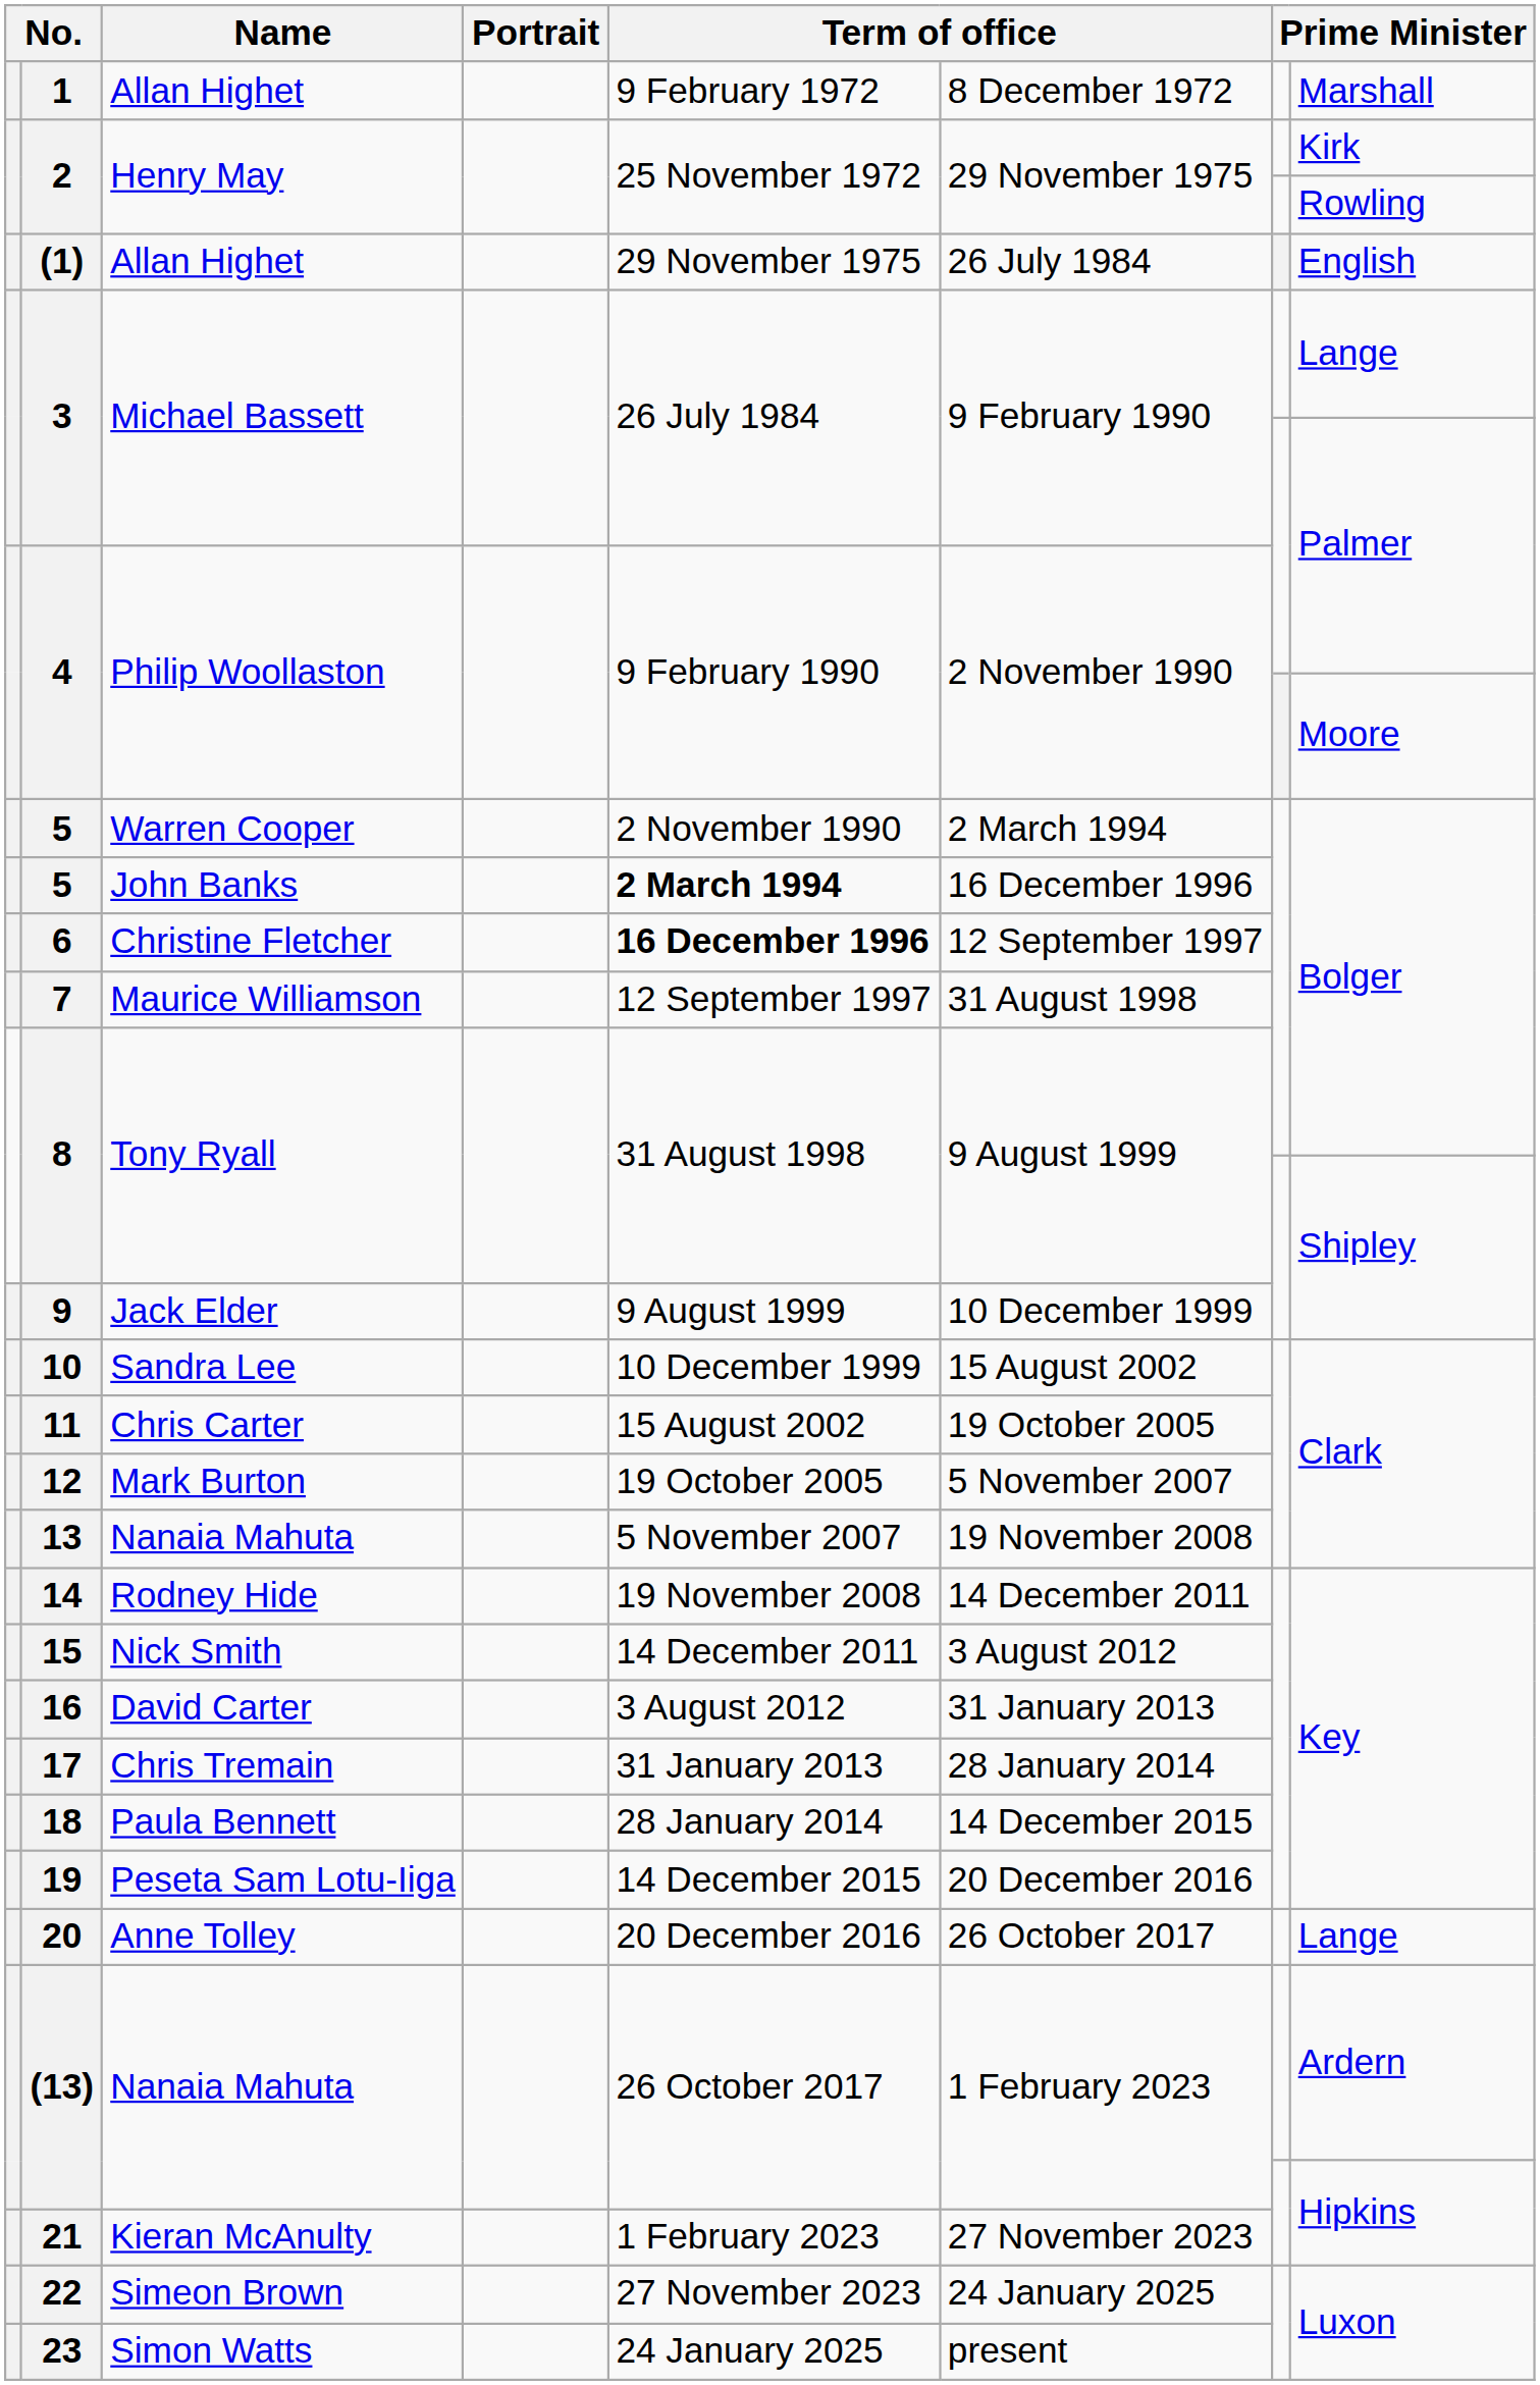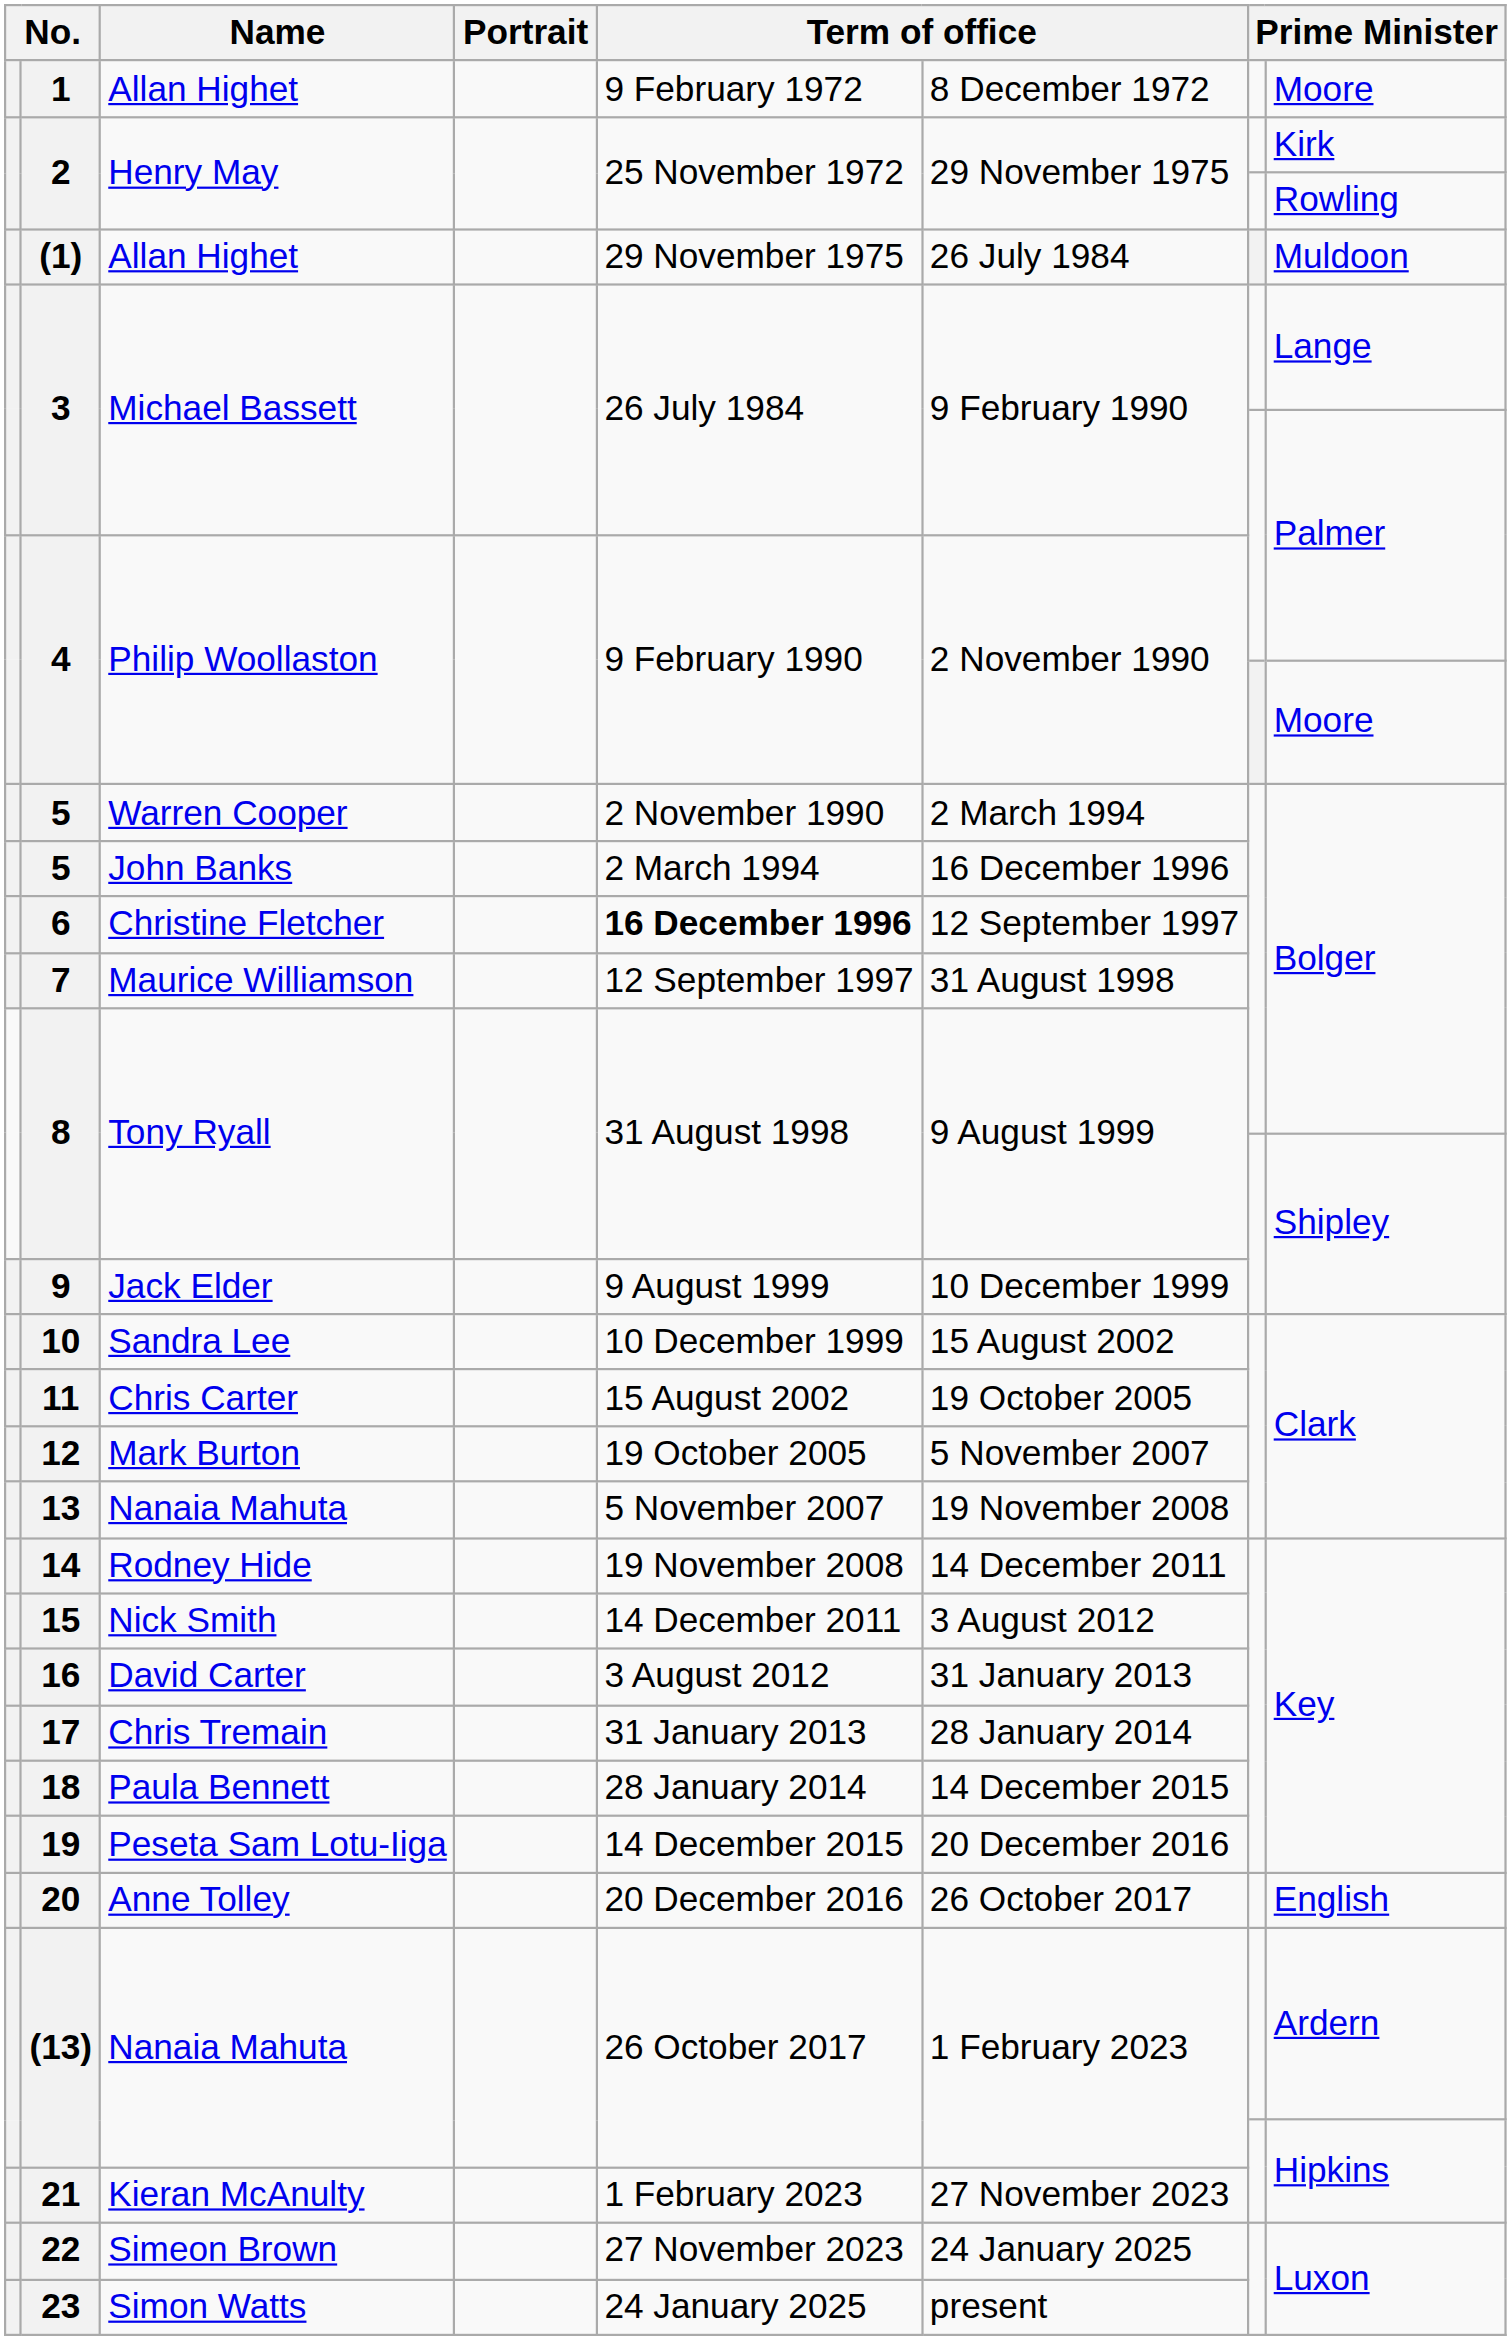 <table class="wikitable">
 <tr>
 <th colspan=2>No.</th>
 <th>Name</th>
 <th>Portrait</th>
 <th colspan=2>Term of office</th>
 <th colspan=2>Prime Minister</th>
 </tr>
 <tr>
 <th style="color:inherit;background:"></th>
 <th>1</th>
 <td><a href='#'>Allan Highet</a></td>
 <td></td>
 <td>9 February 1972</td>
 <td>8 December 1972</td>
 <td width=1 style="color:inherit;background:"></td>
-<td><a href='#'>Marshall</a></td>
+<td><a href='#'>Moore</a></td>
 </tr>
 <tr>
 <th rowspan=2 style="color:inherit;background:"></th>
 <th rowspan=2>2</th>
 <td rowspan=2><a href='#'>Henry May</a></td>
 <td rowspan=2></td>
 <td rowspan=2>25 November 1972</td>
 <td rowspan=2>29 November 1975</td>
 <td style="color:inherit;background:"></td>
 <td><a href='#'>Kirk</a></td>
 </tr>
 <tr>
 <td style="color:inherit;background:"></td>
 <td><a href='#'>Rowling</a></td>
 </tr>
 <tr>
 <th style="color:inherit;background:"></th>
 <th>(1)</th>
 <td><a href='#'>Allan Highet</a></td>
 <td></td>
 <td>29 November 1975</td>
 <td>26 July 1984</td>
 <th style="color:inherit;background:"></th>
-<td><a href='#'>English</a></td>
+<td><a href='#'>Muldoon</a></td>
 </tr>
 <tr>
 <th height=50 style="border-bottom:solid 0 grey; background:"></th>
 <th rowspan=2>3</th>
 <td rowspan=2><a href='#'>Michael Bassett</a></td>
 <td rowspan=2></td>
 <td rowspan=2>26 July 1984</td>
 <td rowspan=2>9 February 1990</td>
 <td style="color:inherit;background:"></td>
 <td><a href='#'>Lange</a></td>
 </tr>
 <tr>
 <th height=50 style="border-top:solid 0 grey; background:"></th>
 <td rowspan=2 style="border-bottom:solid 0 grey; background:"></td>
 <td rowspan=2><a href='#'>Palmer</a></td>
 </tr>
 <tr>
 <th height=50 style="border-bottom:solid 0 grey; background:"></th>
 <th rowspan=2>4</th>
 <td rowspan=2><a href='#'>Philip Woollaston</a></td>
 <td rowspan=2></td>
 <td rowspan=2>9 February 1990</td>
 <td rowspan=2>2 November 1990</td>
 </tr>
 <tr>
 <th height=50 style="border-top:solid 0 grey; background:"></th>
 <th style="color:inherit;background:"></th>
 <td><a href='#'>Moore</a></td>
 </tr>
 <tr>
 <th style="color:inherit;background:"></th>
 <th>5</th>
 <td><a href='#'>Warren Cooper</a></td>
 <td></td>
 <td>2 November 1990</td>
 <td>2 March 1994</td>
 <td rowspan=5 style="color:inherit;background:"></td>
 <td rowspan=5><a href='#'>Bolger</a></td>
 </tr>
 <tr>
 <th style="color:inherit;background:"></th>
 <th>5</th>
 <td><a href='#'>John Banks</a></td>
 <td></td>
-<td><strong>2 March 1994</strong></td>
+<td>2 March 1994</td>
 <td>16 December 1996</td>
 </tr>
 <tr>
 <th style="color:inherit;background:"></th>
 <th>6</th>
 <td><a href='#'>Christine Fletcher</a></td>
 <td></td>
 <td><strong>16 December 1996</strong></td>
 <td>12 September 1997</td>
 </tr>
 <tr>
 <th style="color:inherit;background:"></th>
 <th>7</th>
 <td><a href='#'>Maurice Williamson</a></td>
 <td></td>
 <td>12 September 1997</td>
 <td>31 August 1998</td>
 </tr>
 <tr>
 <td height=50 style="border-bottom:solid 0 grey; background:"></td>
 <th rowspan=2>8</th>
 <td rowspan=2><a href='#'>Tony Ryall</a></td>
 <td rowspan=2></td>
 <td rowspan=2>31 August 1998</td>
 <td rowspan=2>9 August 1999</td>
 </tr>
 <tr>
 <td height=50 style="border-top:solid 0 grey; background:"></td>
 <td rowspan=2 style="color:inherit;background:"></td>
 <td rowspan=2><a href='#'>Shipley</a></td>
 </tr>
 <tr>
 <th style="color:inherit;background:"></th>
 <th>9</th>
 <td><a href='#'>Jack Elder</a></td>
 <td></td>
 <td>9 August 1999</td>
 <td>10 December 1999</td>
 </tr>
 <tr>
 <th style="color:inherit;background:"></th>
 <th>10</th>
 <td><a href='#'>Sandra Lee</a></td>
 <td></td>
 <td>10 December 1999</td>
 <td>15 August 2002</td>
 <td rowspan=4 style="color:inherit;background:"></td>
 <td rowspan=4><a href='#'>Clark</a></td>
 </tr>
 <tr>
 <th style="color:inherit;background:"></th>
 <th>11</th>
 <td><a href='#'>Chris Carter</a></td>
 <td></td>
 <td>15 August 2002</td>
 <td>19 October 2005</td>
 </tr>
 <tr>
 <th style="color:inherit;background:"></th>
 <th>12</th>
 <td><a href='#'>Mark Burton</a></td>
 <td></td>
 <td>19 October 2005</td>
 <td>5 November 2007</td>
 </tr>
 <tr>
 <th style="color:inherit;background:"></th>
 <th>13</th>
 <td><a href='#'>Nanaia Mahuta</a></td>
 <td></td>
 <td>5 November 2007</td>
 <td>19 November 2008</td>
 </tr>
 <tr>
 <th style="color:inherit;background:"></th>
 <th>14</th>
 <td><a href='#'>Rodney Hide</a></td>
 <td></td>
 <td>19 November 2008</td>
 <td>14 December 2011</td>
 <td rowspan="6" style="color:inherit;background:"></td>
 <td rowspan="6"><a href='#'>Key</a></td>
 </tr>
 <tr>
 <th style="color:inherit;background:"></th>
 <th>15</th>
 <td><a href='#'>Nick Smith</a></td>
 <td></td>
 <td>14 December 2011</td>
 <td>3 August 2012</td>
 </tr>
 <tr>
 <th style="color:inherit;background:"></th>
 <th>16</th>
 <td><a href='#'>David Carter</a></td>
 <td></td>
 <td>3 August 2012</td>
 <td>31 January 2013</td>
 </tr>
 <tr>
 <th style="color:inherit;background:"></th>
 <th>17</th>
 <td><a href='#'>Chris Tremain</a></td>
 <td></td>
 <td>31 January 2013</td>
 <td>28 January 2014</td>
 </tr>
 <tr>
 <th style="color:inherit;background:"></th>
 <th>18</th>
 <td><a href='#'>Paula Bennett</a></td>
 <td></td>
 <td>28 January 2014</td>
 <td>14 December 2015</td>
 </tr>
 <tr>
 <th style="color:inherit;background:"></th>
 <th>19</th>
 <td><a href='#'>Peseta Sam Lotu-Iiga</a></td>
 <td></td>
 <td>14 December 2015</td>
 <td>20 December 2016</td>
 </tr>
 <tr>
 <th style="color:inherit;background:"></th>
 <th>20</th>
 <td><a href='#'>Anne Tolley</a></td>
 <td></td>
 <td>20 December 2016</td>
 <td>26 October 2017</td>
 <td style="color:inherit;background:"></td>
-<td><a href='#'>Lange</a></td>
+<td><a href='#'>English</a></td>
 </tr>
 <tr>
 <th height=80 style="border-bottom:solid 0 grey; background:"></th>
 <th rowspan=2>(13)</th>
 <td rowspan=2><a href='#'>Nanaia Mahuta</a></td>
 <td rowspan=2></td>
 <td rowspan=2>26 October 2017</td>
 <td rowspan=2>1 February 2023</td>
 <td style="border-top:solid 0 gray; background:"></td>
 <td><a href='#'>Ardern</a></td>
 </tr>
 <tr>
 <th height=15 style="border-top:solid 0 grey; background:"></th>
 <td rowspan=2 style="color:inherit;background:"></td>
 <td rowspan=2><a href='#'>Hipkins</a></td>
 </tr>
 <tr>
 <th style="color:inherit;background:"></th>
 <th>21</th>
 <td><a href='#'>Kieran McAnulty</a></td>
 <td></td>
 <td>1 February 2023</td>
 <td>27 November 2023</td>
 </tr>
 <tr>
 <th style="color:inherit;background:"></th>
 <th>22</th>
 <td><a href='#'>Simeon Brown</a></td>
 <td></td>
 <td>27 November 2023</td>
 <td>24 January 2025</td>
 <td rowspan=2 style="color:inherit;background:"></td>
 <td rowspan="2"><a href='#'>Luxon</a></td>
 </tr>
 <tr>
 <th style="color:inherit;background:"></th>
 <th>23</th>
 <td><a href='#'>Simon Watts</a></td>
 <td></td>
 <td>24 January 2025</td>
 <td>present</td>
 </tr>
 </table>
